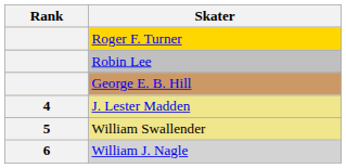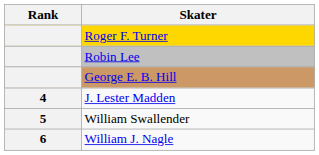 <table class="wikitable unsortable" style="text-align:left; width:30%">
 <tr>
 <th scope="col">Rank</th>
 <th scope="col">Skater</th>
 </tr>
 <tr bgcolor="gold">
 <th scope="row"></th>
 <td><a href='#'>Roger F. Turner</a></td>
 </tr>
 <tr bgcolor="silver">
 <th scope="row"></th>
 <td><a href='#'>Robin Lee</a></td>
 </tr>
 <tr bgcolor="cc9966">
 <th scope="row"></th>
 <td><a href='#'>George E. B. Hill</a></td>
 </tr>
 <tr>
 <th scope="row">4</th>
-<td style="background: khaki;"><a href='#'>J. Lester Madden</a></td>
+<td><a href='#'>J. Lester Madden</a></td>
 </tr>
 <tr>
 <th scope="row">5</th>
-<td style="background: khaki;">William Swallender</td>
+<td>William Swallender</td>
 </tr>
 <tr>
 <th scope="row">6</th>
-<td style="background: lightgrey;"><a href='#'>William J. Nagle</a></td>
+<td><a href='#'>William J. Nagle</a></td>
 </tr>
 </table>
